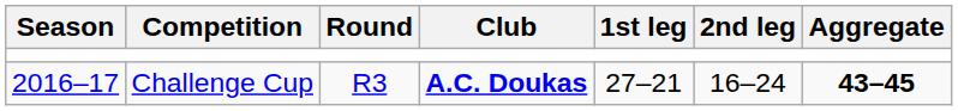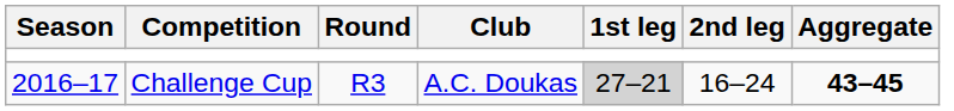 <table class="wikitable">
 <tr>
 <th>Season</th>
 <th>Competition</th>
 <th>Round</th>
 <th>Club</th>
 <th>1st leg</th>
 <th>2nd leg</th>
 <th>Aggregate</th>
 </tr>
 <tr>
 <td colspan="7" bgcolor=white></td>
 </tr>
 <tr>
 <td><a href='#'>2016–17</a></td>
 <td><a href='#'>Challenge Cup</a></td>
 <td style="text-align:center;"><a href='#'>R3</a></td>
-<td><strong> <a href='#'>A.C. Doukas</a></strong></td>
-<td style="text-align:center;">27–21</td>
+<td> <a href='#'>A.C. Doukas</a></td>
+<td style="background: lightgrey; text-align:center;">27–21</td>
 <td style="text-align:center;">16–24</td>
 <td style="text-align:center;"><strong>43–45</strong></td>
 </tr>
 </table>
